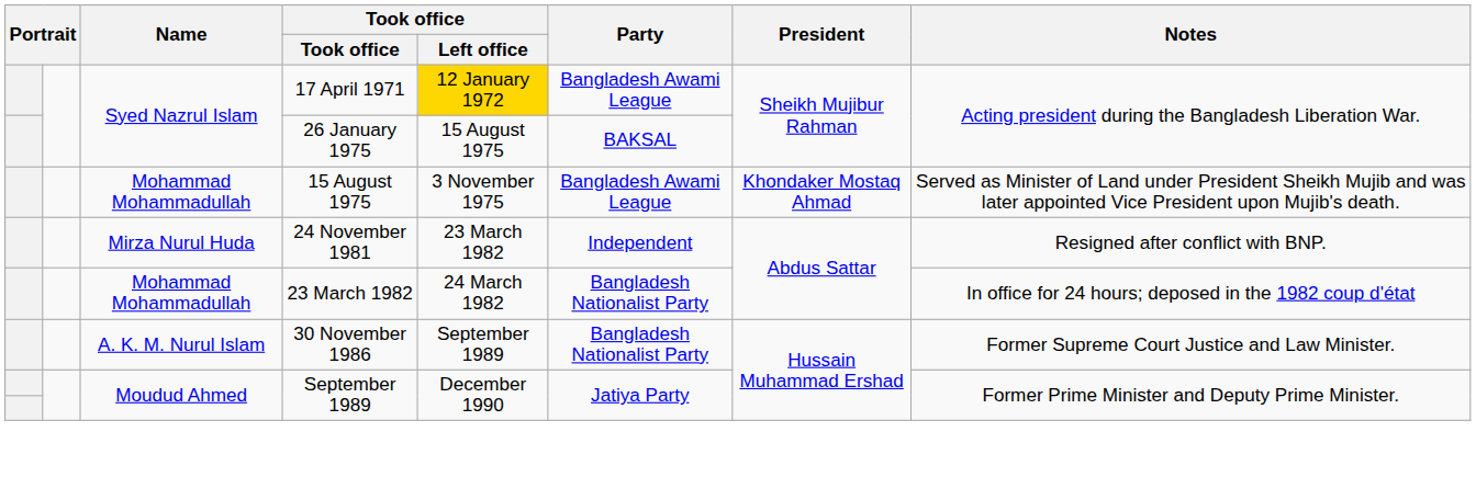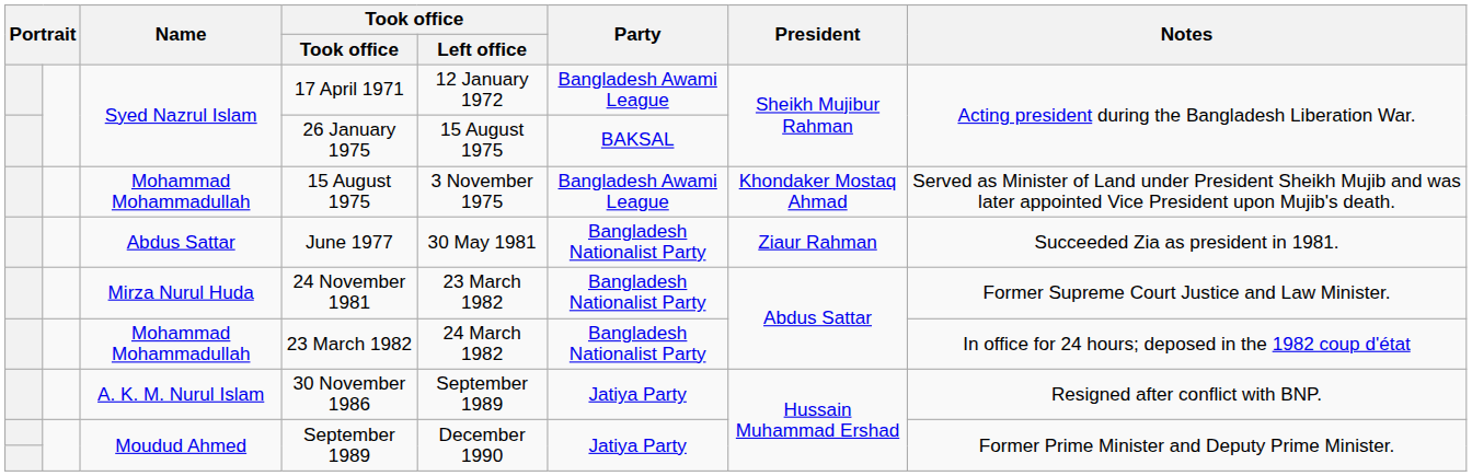 <table class="wikitable" style="text-align:center">
 <tr>
 <th colspan="2" rowspan="2">Portrait</th>
 <th rowspan="2">Name<br></th>
 <th colspan="2">Took office</th>
 <th rowspan="2">Party</th>
 <th rowspan="2">President</th>
 <th rowspan="2">Notes</th>
 </tr>
 <tr>
 <th>Took office</th>
 <th>Left office</th>
 </tr>
 <tr>
 <th style="background:"></th>
 <td rowspan="2"></td>
 <td rowspan="2"><a href='#'>Syed Nazrul Islam</a><br></td>
 <td>17 April 1971</td>
-<td style="background: gold;">12 January 1972</td>
+<td>12 January 1972</td>
 <td><a href='#'>Bangladesh Awami League</a></td>
 <td rowspan="2"><a href='#'>Sheikh Mujibur Rahman</a></td>
 <td rowspan="2"><a href='#'>Acting president</a> during the Bangladesh Liberation War.</td>
 </tr>
 <tr>
 <th style="background:"></th>
 <td>26 January 1975</td>
 <td>15 August 1975</td>
 <td><a href='#'>BAKSAL</a></td>
 </tr>
 <tr>
 <th style="background:"></th>
 <td><br></td>
 <td><a href='#'>Mohammad Mohammadullah</a><br></td>
 <td>15 August 1975</td>
 <td>3 November 1975</td>
 <td><a href='#'>Bangladesh Awami League</a></td>
 <td><a href='#'>Khondaker Mostaq Ahmad</a></td>
 <td>Served as Minister of Land under President Sheikh Mujib and was later appointed Vice President upon Mujib's death.</td>
 </tr>
 <tr>
 <th style="background:"></th>
 <td></td>
+<td><a href='#'>Abdus Sattar</a><br></td>
+<td>June 1977</td>
+<td>30 May 1981</td>
+<td><a href='#'>Bangladesh Nationalist Party</a></td>
+<td><a href='#'>Ziaur Rahman</a></td>
+<td>Succeeded Zia as president in 1981.</td>
+</tr>
+<tr>
+<th style="background:"></th>
+<td></td>
 <td><a href='#'>Mirza Nurul Huda</a><br></td>
 <td>24 November 1981</td>
 <td>23 March 1982</td>
-<td><a href='#'>Independent</a></td>
+<td><a href='#'>Bangladesh Nationalist Party</a></td>
 <td rowspan="2"><a href='#'>Abdus Sattar</a></td>
-<td>Resigned after conflict with BNP.</td>
+<td>Former Supreme Court Justice and Law Minister.</td>
 </tr>
 <tr>
 <th style="background:"></th>
 <td> </td>
 <td><a href='#'>Mohammad Mohammadullah</a><br></td>
 <td>23 March 1982</td>
 <td>24 March 1982</td>
 <td><a href='#'>Bangladesh Nationalist Party</a></td>
 <td>In office for 24 hours; deposed in the <a href='#'>1982 coup d'état</a></td>
 </tr>
 <tr>
 <th style="background:"></th>
 <td></td>
 <td><a href='#'>A. K. M. Nurul Islam</a><br></td>
 <td>30 November 1986</td>
 <td>September 1989</td>
-<td><a href='#'>Bangladesh Nationalist Party</a></td>
+<td><a href='#'>Jatiya Party</a></td>
 <td rowspan="3"><a href='#'>Hussain Muhammad Ershad</a></td>
-<td>Former Supreme Court Justice and Law Minister.</td>
+<td>Resigned after conflict with BNP.</td>
 </tr>
 <tr>
 <th style="background:"></th>
 <td rowspan="2"></td>
 <td rowspan="2"><a href='#'>Moudud Ahmed</a><br></td>
 <td rowspan="2">September 1989</td>
 <td rowspan="2">December 1990</td>
 <td rowspan="2"><a href='#'>Jatiya Party</a></td>
 <td rowspan="2">Former Prime Minister and Deputy Prime Minister.</td>
 </tr>
 <tr>
 <th style="background:"></th>
 </tr>
 </table>
